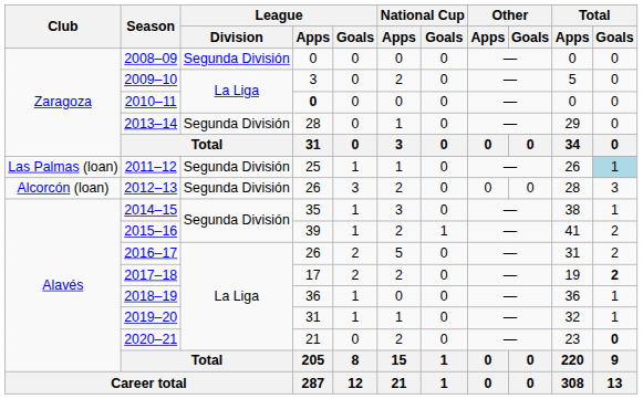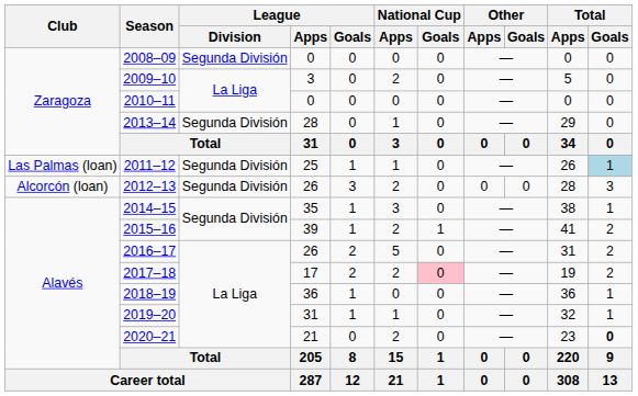 <table class="wikitable" style="text-align:center">
 <tr>
 <th rowspan="2">Club</th>
 <th rowspan="2">Season</th>
 <th colspan="3">League</th>
 <th colspan="2">National Cup</th>
 <th colspan="2">Other</th>
 <th colspan="2">Total</th>
 </tr>
 <tr>
 <th>Division</th>
 <th>Apps</th>
 <th>Goals</th>
 <th>Apps</th>
 <th>Goals</th>
 <th>Apps</th>
 <th>Goals</th>
 <th>Apps</th>
 <th>Goals</th>
 </tr>
 <tr>
 <td rowspan="5"><a href='#'>Zaragoza</a></td>
 <td><a href='#'>2008–09</a></td>
 <td><a href='#'>Segunda División</a></td>
 <td>0</td>
 <td>0</td>
 <td>0</td>
 <td>0</td>
 <td colspan="2">—</td>
 <td>0</td>
 <td>0</td>
 </tr>
 <tr>
 <td><a href='#'>2009–10</a></td>
 <td rowspan="2"><a href='#'>La Liga</a></td>
 <td>3</td>
 <td>0</td>
 <td>2</td>
 <td>0</td>
 <td colspan="2">—</td>
 <td>5</td>
 <td>0</td>
 </tr>
 <tr>
 <td><a href='#'>2010–11</a></td>
-<td><strong>0</strong></td>
+<td>0</td>
 <td>0</td>
 <td>0</td>
 <td>0</td>
 <td colspan="2">—</td>
 <td>0</td>
 <td>0</td>
 </tr>
 <tr>
 <td><a href='#'>2013–14</a></td>
 <td>Segunda División</td>
 <td>28</td>
 <td>0</td>
 <td>1</td>
 <td>0</td>
 <td colspan="2">—</td>
 <td>29</td>
 <td>0</td>
 </tr>
 <tr>
 <th colspan="2">Total</th>
 <th>31</th>
 <th>0</th>
 <th>3</th>
 <th>0</th>
 <th>0</th>
 <th>0</th>
 <th>34</th>
 <th>0</th>
 </tr>
 <tr>
 <td><a href='#'>Las Palmas</a> (loan)</td>
 <td><a href='#'>2011–12</a></td>
 <td>Segunda División</td>
 <td>25</td>
 <td>1</td>
 <td>1</td>
 <td>0</td>
 <td colspan="2">—</td>
 <td>26</td>
 <td style="background: lightblue;">1</td>
 </tr>
 <tr>
 <td><a href='#'>Alcorcón</a> (loan)</td>
 <td><a href='#'>2012–13</a></td>
 <td>Segunda División</td>
 <td>26</td>
 <td>3</td>
 <td>2</td>
 <td>0</td>
 <td>0</td>
 <td>0</td>
 <td>28</td>
 <td>3</td>
 </tr>
 <tr>
 <td rowspan="8"><a href='#'>Alavés</a></td>
 <td><a href='#'>2014–15</a></td>
 <td rowspan="2">Segunda División</td>
 <td>35</td>
 <td>1</td>
 <td>3</td>
 <td>0</td>
 <td colspan="2">—</td>
 <td>38</td>
 <td>1</td>
 </tr>
 <tr>
 <td><a href='#'>2015–16</a></td>
 <td>39</td>
 <td>1</td>
 <td>2</td>
 <td>1</td>
 <td colspan="2">—</td>
 <td>41</td>
 <td>2</td>
 </tr>
 <tr>
 <td><a href='#'>2016–17</a></td>
 <td rowspan="5">La Liga</td>
 <td>26</td>
 <td>2</td>
 <td>5</td>
 <td>0</td>
 <td colspan="2">—</td>
 <td>31</td>
 <td>2</td>
 </tr>
 <tr>
 <td><a href='#'>2017–18</a></td>
 <td>17</td>
 <td>2</td>
 <td>2</td>
-<td>0</td>
+<td style="background: pink;">0</td>
 <td colspan="2">—</td>
 <td>19</td>
-<td><strong>2</strong></td>
+<td>2</td>
 </tr>
 <tr>
 <td><a href='#'>2018–19</a></td>
 <td>36</td>
 <td>1</td>
 <td>0</td>
 <td>0</td>
 <td colspan="2">—</td>
 <td>36</td>
 <td>1</td>
 </tr>
 <tr>
 <td><a href='#'>2019–20</a></td>
 <td>31</td>
 <td>1</td>
 <td>1</td>
 <td>0</td>
 <td colspan="2">—</td>
 <td>32</td>
 <td>1</td>
 </tr>
 <tr>
 <td><a href='#'>2020–21</a></td>
 <td>21</td>
 <td>0</td>
 <td>2</td>
 <td>0</td>
 <td colspan="2">—</td>
 <td>23</td>
 <td><strong>0</strong></td>
 </tr>
 <tr>
 <th colspan="2">Total</th>
 <th>205</th>
 <th>8</th>
 <th>15</th>
 <th>1</th>
 <th>0</th>
 <th>0</th>
 <th>220</th>
 <th>9</th>
 </tr>
 <tr>
 <th colspan="3">Career total</th>
 <th>287</th>
 <th>12</th>
 <th>21</th>
 <th>1</th>
 <th>0</th>
 <th>0</th>
 <th>308</th>
 <th>13</th>
 </tr>
 </table>
